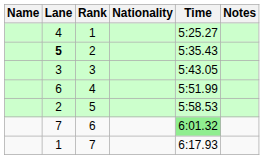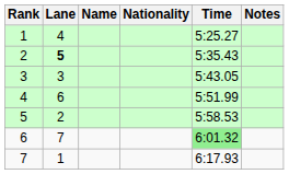 <table class="wikitable sortable" style="text-align:center">
 <tr>
+<th>Rank</th>
+<th>Lane</th>
 <th>Name</th>
-<th>Lane</th>
-<th>Rank</th>
 <th>Nationality</th>
 <th>Time</th>
 <th>Notes</th>
 </tr>
 <tr bgcolor=ccffcc>
+<td>1</td>
+<td>4</td>
 <td align=left></td>
-<td>4</td>
-<td>1</td>
 <td align=left></td>
 <td>5:25.27</td>
 <td><strong></strong></td>
 </tr>
 <tr bgcolor=ccffcc>
+<td>2</td>
+<td><strong>5</strong></td>
 <td align=left></td>
-<td><strong>5</strong></td>
-<td>2</td>
 <td align=left></td>
 <td>5:35.43</td>
 <td><strong></strong></td>
 </tr>
 <tr bgcolor=ccffcc>
-<td align=left></td>
 <td>3</td>
 <td>3</td>
+<td align=left></td>
 <td align=left></td>
 <td>5:43.05</td>
 <td><strong></strong></td>
 </tr>
 <tr bgcolor=ccffcc>
+<td>4</td>
+<td>6</td>
 <td align=left></td>
-<td>6</td>
-<td>4</td>
 <td align=left></td>
 <td>5:51.99</td>
 <td><strong></strong></td>
 </tr>
 <tr bgcolor=ccffcc>
+<td>5</td>
+<td>2</td>
 <td align=left></td>
-<td>2</td>
-<td>5</td>
 <td align=left></td>
 <td>5:58.53</td>
 <td><strong></strong></td>
 </tr>
 <tr>
+<td>6</td>
+<td>7</td>
 <td align=left></td>
-<td>7</td>
-<td>6</td>
 <td align=left></td>
 <td style="background: lightgreen;">6:01.32</td>
 <td></td>
 </tr>
 <tr>
+<td>7</td>
+<td>1</td>
 <td align=left></td>
-<td>1</td>
-<td>7</td>
 <td align=left></td>
 <td>6:17.93</td>
 <td></td>
 </tr>
 </table>
